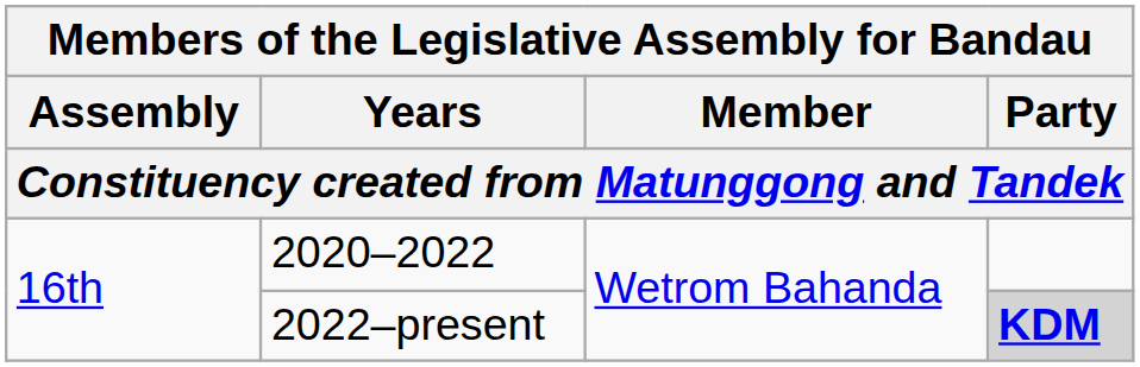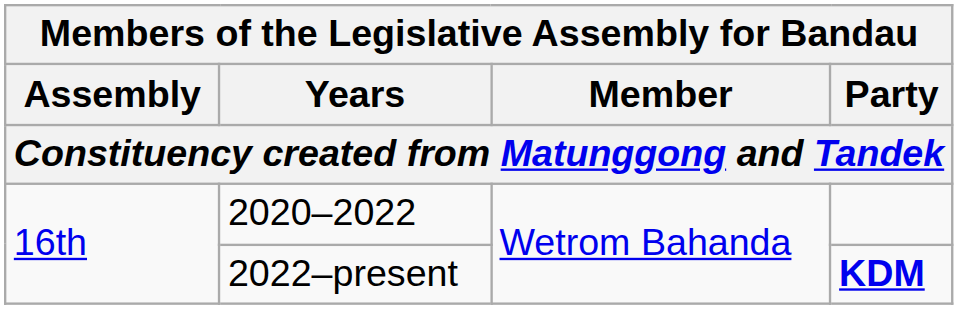 <table class="wikitable">
 <tr>
 <th colspan="4">Members of the Legislative Assembly for Bandau</th>
 </tr>
 <tr>
 <th>Assembly</th>
 <th>Years</th>
 <th>Member</th>
 <th>Party</th>
 </tr>
 <tr>
 <th colspan="4" align="center"><em>Constituency created from <a href='#'>Matunggong</a> and <a href='#'>Tandek</a></em></th>
 </tr>
 <tr>
 <td rowspan=2><a href='#'>16th</a></td>
 <td>2020–2022</td>
 <td rowspan=2><a href='#'>Wetrom Bahanda</a></td>
 <td></td>
 </tr>
 <tr>
 <td>2022–present</td>
-<td style="background: lightgrey;"><strong><a href='#'>KDM</a></strong></td>
+<td><strong><a href='#'>KDM</a></strong></td>
 </tr>
 </table>
